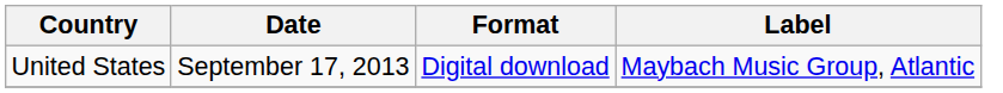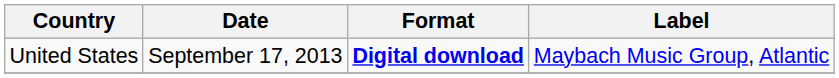 <table class="wikitable">
 <tr>
 <th>Country</th>
 <th>Date</th>
 <th>Format</th>
 <th>Label</th>
 </tr>
 <tr>
 <td rowspan="1">United States</td>
 <td>September 17, 2013</td>
-<td><a href='#'>Digital download</a></td>
+<td><strong><a href='#'>Digital download</a></strong></td>
 <td rowspan="1"><a href='#'>Maybach Music Group</a>, <a href='#'>Atlantic</a></td>
 </tr>
 <tr>
 </tr>
 </table>
